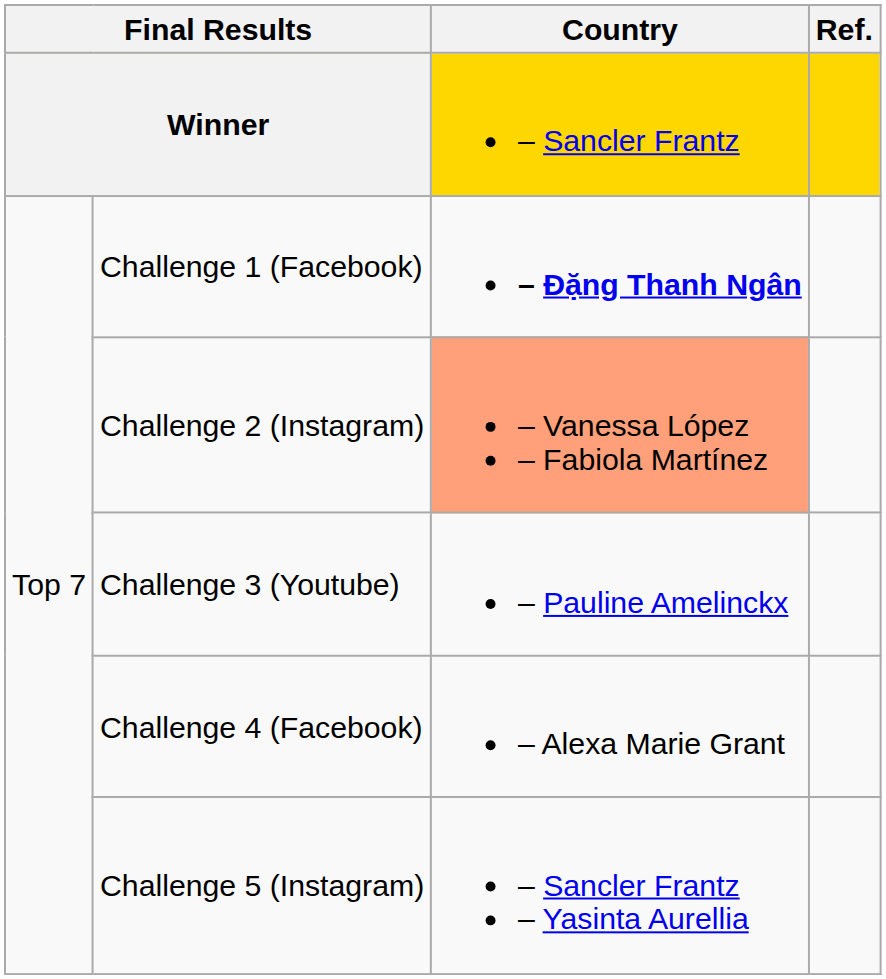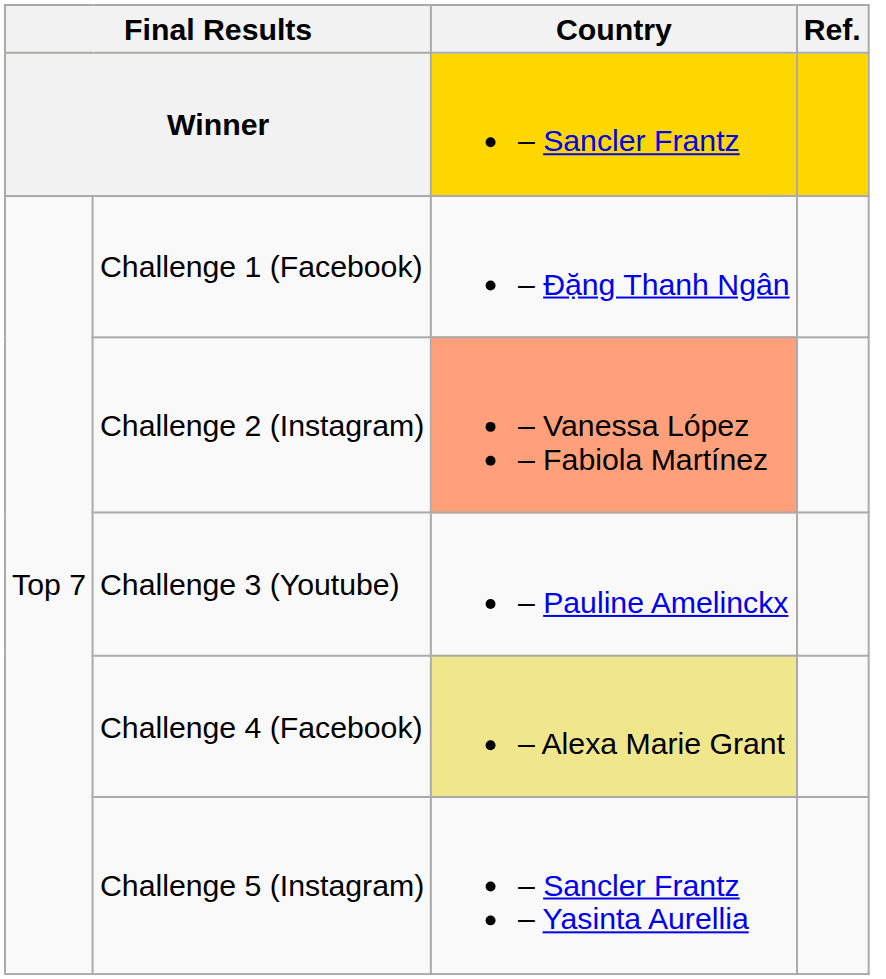 <table class="wikitable sortable" style="font-size:95%;">
 <tr>
 <th colspan="2">Final Results</th>
 <th>Country</th>
 <th>Ref.</th>
 </tr>
 <tr style="background:gold;">
 <th rowspan="1"colspan="2">Winner</th>
 <td><br><ul><li> – <a href='#'>Sancler Frantz</a></li></ul></td>
 <td></td>
 </tr>
 <tr>
 <td rowspan="6">Top 7</td>
 <td>Challenge 1 (Facebook)</td>
-<td><strong><br><ul><li> – <a href='#'>Đặng Thanh Ngân</a></li></ul></strong></td>
+<td><br><ul><li> – <a href='#'>Đặng Thanh Ngân</a></li></ul></td>
 <td></td>
 </tr>
 <tr>
 <td>Challenge 2 (Instagram)</td>
 <td style="background: lightsalmon;"><br><ul><li> – Vanessa López </li><li> – Fabiola Martínez </li></ul></td>
 <td></td>
 </tr>
 <tr>
 <td>Challenge 3 (Youtube)</td>
 <td><br><ul><li> – <a href='#'>Pauline Amelinckx</a></li></ul></td>
 <td></td>
 </tr>
 <tr>
 <td>Challenge 4 (Facebook)</td>
-<td><br><ul><li> – Alexa Marie Grant</li></ul></td>
+<td style="background: khaki;"><br><ul><li> – Alexa Marie Grant</li></ul></td>
 <td></td>
 </tr>
 <tr>
 <td rowspan="2">Challenge 5 (Instagram)</td>
 <td><br><ul><li> – <a href='#'>Sancler Frantz</a></li><li> – <a href='#'>Yasinta Aurellia</a></li></ul></td>
 <td></td>
 </tr>
 </table>
